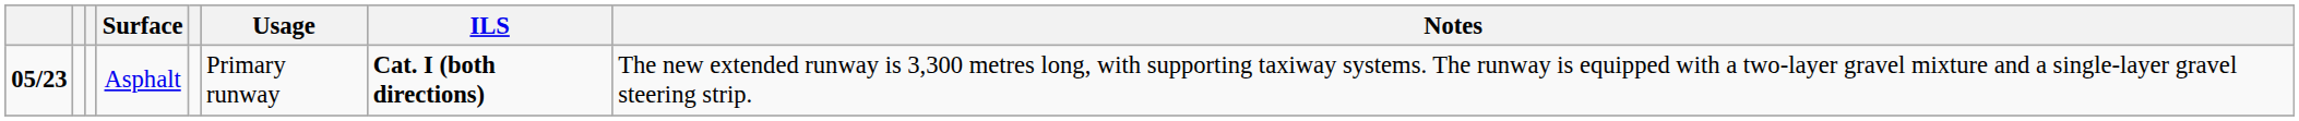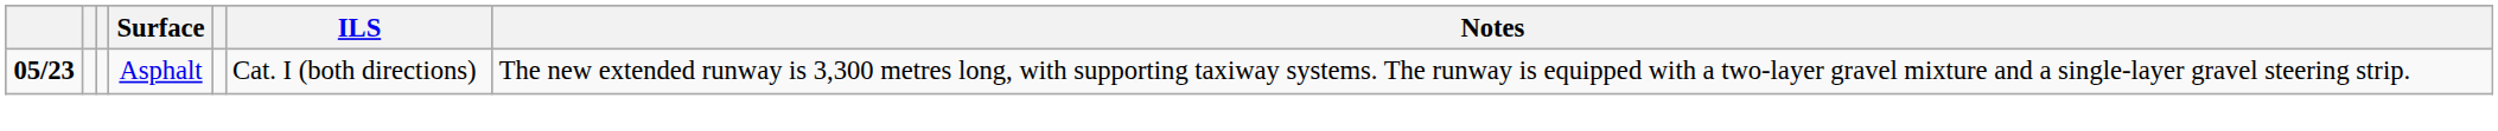 <table class="wikitable" style="width: 100% ; font-size: 85%;">
 <tr>
 <th></th>
 <th></th>
 <th></th>
 <th>Surface</th>
 <th></th>
-<th>Usage</th>
 <th><a href='#'>ILS</a></th>
 <th>Notes</th>
 </tr>
 <tr>
 <td style="text-align:center;"><strong>05/23</strong></td>
 <td style="text-align:center;"></td>
 <td style="text-align:center;"></td>
 <td style="text-align:center;"><a href='#'>Asphalt</a></td>
 <td></td>
-<td>Primary runway</td>
-<td><strong>Cat. I (both directions)</strong></td>
+<td>Cat. I (both directions)</td>
 <td>The new extended runway is 3,300 metres long, with supporting taxiway systems. The runway is equipped with a two-layer gravel mixture and a single-layer gravel steering strip.</td>
 </tr>
 </table>
